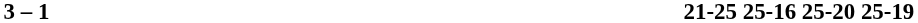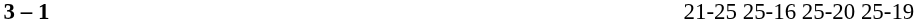 <table width=100% cellspacing=1>
 <tr>
 <th width=20%></th>
 <th width=12%></th>
 <th width=20%></th>
 <th width=33%></th>
 <td></td>
 </tr>
 <tr style=font-size:90%>
 <td align=right><strong></strong></td>
 <td align=center><strong>3 – 1</strong></td>
 <td></td>
-<td><strong>21-25 25-16 25-20 25-19</strong></td>
+<td>21-25 25-16 25-20 25-19</td>
 </tr>
 </table>
